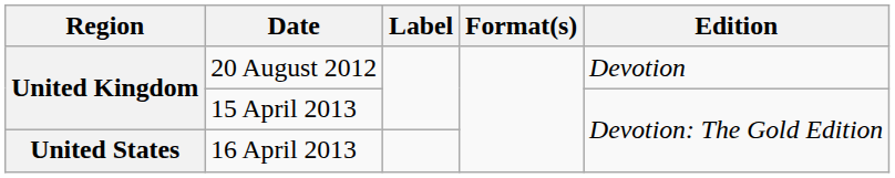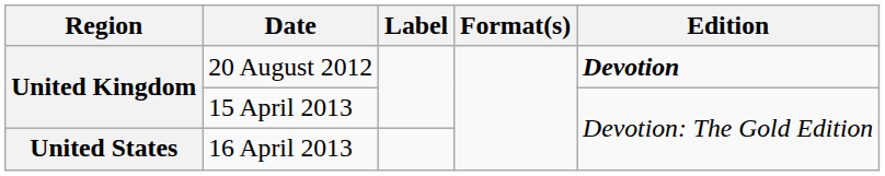 <table class="wikitable plainrowheaders">
 <tr>
 <th scope="col">Region</th>
 <th scope="col">Date</th>
 <th scope="col">Label</th>
 <th scope="col">Format(s)</th>
 <th scope="col">Edition</th>
 </tr>
 <tr>
 <th scope="row" rowspan="2">United Kingdom</th>
 <td>20 August 2012</td>
 <td rowspan="2"></td>
 <td rowspan="3"></td>
-<td><em>Devotion</em></td>
+<td><strong><em>Devotion</em></strong></td>
 </tr>
 <tr>
 <td>15 April 2013</td>
 <td rowspan="2"><em>Devotion: The Gold Edition</em></td>
 </tr>
 <tr>
 <th scope="row">United States</th>
 <td>16 April 2013</td>
 <td></td>
 </tr>
 </table>
